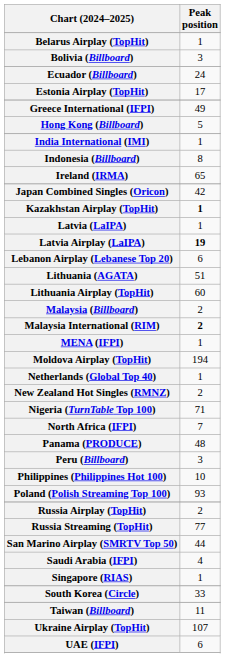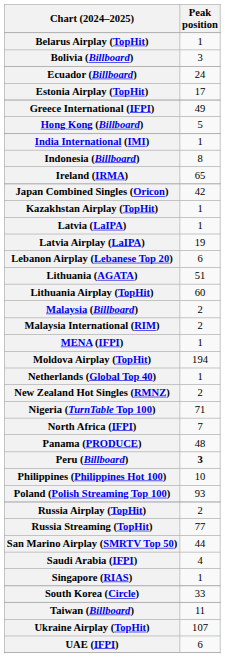 <table class="wikitable sortable plainrowheaders" style="text-align:center">
 <tr>
 <th scope="col">Chart (2024–2025)</th>
 <th scope="col">Peak<br>position</th>
 </tr>
 <tr>
 </tr>
 <tr>
 </tr>
 <tr>
 <th scope="row">Belarus Airplay (<a href='#'>TopHit</a>)</th>
 <td>1</td>
 </tr>
 <tr>
 <th scope="row">Bolivia (<em><a href='#'>Billboard</a></em>)</th>
 <td>3</td>
 </tr>
 <tr>
 </tr>
 <tr>
 </tr>
 <tr>
 </tr>
 <tr>
 </tr>
 <tr>
 <th scope="row">Ecuador (<em><a href='#'>Billboard</a></em>)</th>
 <td>24</td>
 </tr>
 <tr>
 <th scope="row">Estonia Airplay (<a href='#'>TopHit</a>)</th>
 <td>17</td>
 </tr>
 <tr>
 </tr>
 <tr>
 </tr>
 <tr>
 <th scope="row">Greece International (<a href='#'>IFPI</a>)</th>
 <td>49</td>
 </tr>
 <tr>
 <th scope="row"><a href='#'>Hong Kong</a> (<em><a href='#'>Billboard</a></em>)</th>
 <td>5</td>
 </tr>
 <tr>
 </tr>
 <tr>
 <th scope="row"><a href='#'>India International</a> (<a href='#'>IMI</a>)</th>
 <td>1</td>
 </tr>
 <tr>
 <th scope="row">Indonesia (<em><a href='#'>Billboard</a></em>)</th>
 <td>8</td>
 </tr>
 <tr>
 <th scope="row">Ireland (<a href='#'>IRMA</a>)</th>
 <td>65</td>
 </tr>
 <tr>
 </tr>
 <tr>
 <th scope="row">Japan Combined Singles (<a href='#'>Oricon</a>)</th>
 <td>42</td>
 </tr>
 <tr>
 <th scope="row">Kazakhstan Airplay (<a href='#'>TopHit</a>)</th>
-<td><strong>1</strong></td>
+<td>1</td>
 </tr>
 <tr>
 <th scope="row">Latvia (<a href='#'>LaIPA</a>)</th>
 <td>1</td>
 </tr>
 <tr>
 <th scope="row">Latvia Airplay (<a href='#'>LaIPA</a>)</th>
-<td><strong>19</strong></td>
+<td>19</td>
 </tr>
 <tr>
 <th scope="row">Lebanon Airplay (<a href='#'>Lebanese Top 20</a>)</th>
 <td>6</td>
 </tr>
 <tr>
 <th scope="row">Lithuania (<a href='#'>AGATA</a>)</th>
 <td>51</td>
 </tr>
 <tr>
 <th scope="row">Lithuania Airplay (<a href='#'>TopHit</a>)</th>
 <td>60</td>
 </tr>
 <tr>
 <th scope="row"><a href='#'>Malaysia</a> (<em><a href='#'>Billboard</a></em>)</th>
 <td>2</td>
 </tr>
 <tr>
 <th scope="row">Malaysia International (<a href='#'>RIM</a>)</th>
-<td><strong>2</strong></td>
+<td>2</td>
 </tr>
 <tr>
 <th scope="row"><a href='#'>MENA</a> (<a href='#'>IFPI</a>)</th>
 <td>1</td>
 </tr>
 <tr>
 <th scope="row">Moldova Airplay (<a href='#'>TopHit</a>)</th>
 <td>194</td>
 </tr>
 <tr>
 <th scope="row">Netherlands (<a href='#'>Global Top 40</a>)</th>
 <td>1</td>
 </tr>
 <tr>
 <th scope="row">New Zealand Hot Singles (<a href='#'>RMNZ</a>)</th>
 <td>2</td>
 </tr>
 <tr>
 <th scope="row">Nigeria (<a href='#'><em>TurnTable</em> Top 100</a>)</th>
 <td>71</td>
 </tr>
 <tr>
 <th scope="row">North Africa (<a href='#'>IFPI</a>)</th>
 <td>7</td>
 </tr>
 <tr>
 <th scope="row">Panama (<a href='#'>PRODUCE</a>)</th>
 <td>48</td>
 </tr>
 <tr>
 <th scope="row">Peru (<em><a href='#'>Billboard</a></em>)</th>
-<td>3</td>
+<td><strong>3</strong></td>
 </tr>
 <tr>
 <th scope="row">Philippines (<a href='#'>Philippines Hot 100</a>)</th>
 <td>10</td>
 </tr>
 <tr>
 <th scope="row">Poland (<a href='#'>Polish Streaming Top 100</a>)</th>
 <td>93</td>
 </tr>
 <tr>
 </tr>
 <tr>
 <th scope="row">Russia Airplay (<a href='#'>TopHit</a>)</th>
 <td>2</td>
 </tr>
 <tr>
 <th scope="row">Russia Streaming (<a href='#'>TopHit</a>)</th>
 <td>77</td>
 </tr>
 <tr>
 <th scope="row">San Marino Airplay (<a href='#'>SMRTV Top 50</a>)</th>
 <td>44</td>
 </tr>
 <tr>
 <th scope="row">Saudi Arabia (<a href='#'>IFPI</a>)</th>
 <td>4</td>
 </tr>
 <tr>
 <th scope="row">Singapore (<a href='#'>RIAS</a>)</th>
 <td>1</td>
 </tr>
 <tr>
 </tr>
 <tr>
 <th scope="row">South Korea (<a href='#'>Circle</a>)</th>
 <td>33</td>
 </tr>
 <tr>
 </tr>
 <tr>
 <th scope="row">Taiwan (<em><a href='#'>Billboard</a></em>)</th>
 <td>11</td>
 </tr>
 <tr>
 <th scope="row">Ukraine Airplay (<a href='#'>TopHit</a>)</th>
 <td>107</td>
 </tr>
 <tr>
 <th scope="row">UAE (<a href='#'>IFPI</a>)</th>
 <td>6</td>
 </tr>
 <tr>
 </tr>
 <tr>
 </tr>
 <tr>
 </tr>
 </table>
